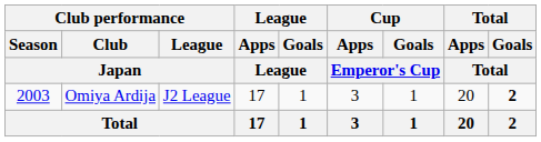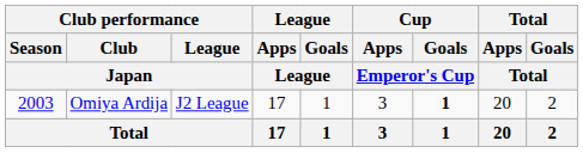 <table class="wikitable" style="text-align:center;">
 <tr>
 <th colspan=3>Club performance</th>
 <th colspan=2>League</th>
 <th colspan=2>Cup</th>
 <th colspan=2>Total</th>
 </tr>
 <tr>
 <th>Season</th>
 <th>Club</th>
 <th>League</th>
 <th>Apps</th>
 <th>Goals</th>
 <th>Apps</th>
 <th>Goals</th>
 <th>Apps</th>
 <th>Goals</th>
 </tr>
 <tr>
 <th colspan=3>Japan</th>
 <th colspan=2>League</th>
 <th colspan=2><a href='#'>Emperor's Cup</a></th>
 <th colspan=2>Total</th>
 </tr>
 <tr>
 <td><a href='#'>2003</a></td>
 <td><a href='#'>Omiya Ardija</a></td>
 <td><a href='#'>J2 League</a></td>
 <td>17</td>
 <td>1</td>
 <td>3</td>
-<td>1</td>
+<td><strong>1</strong></td>
 <td>20</td>
-<td><strong>2</strong></td>
+<td>2</td>
 </tr>
 <tr>
 <th colspan=3>Total</th>
 <th>17</th>
 <th>1</th>
 <th>3</th>
 <th>1</th>
 <th>20</th>
 <th>2</th>
 </tr>
 </table>
